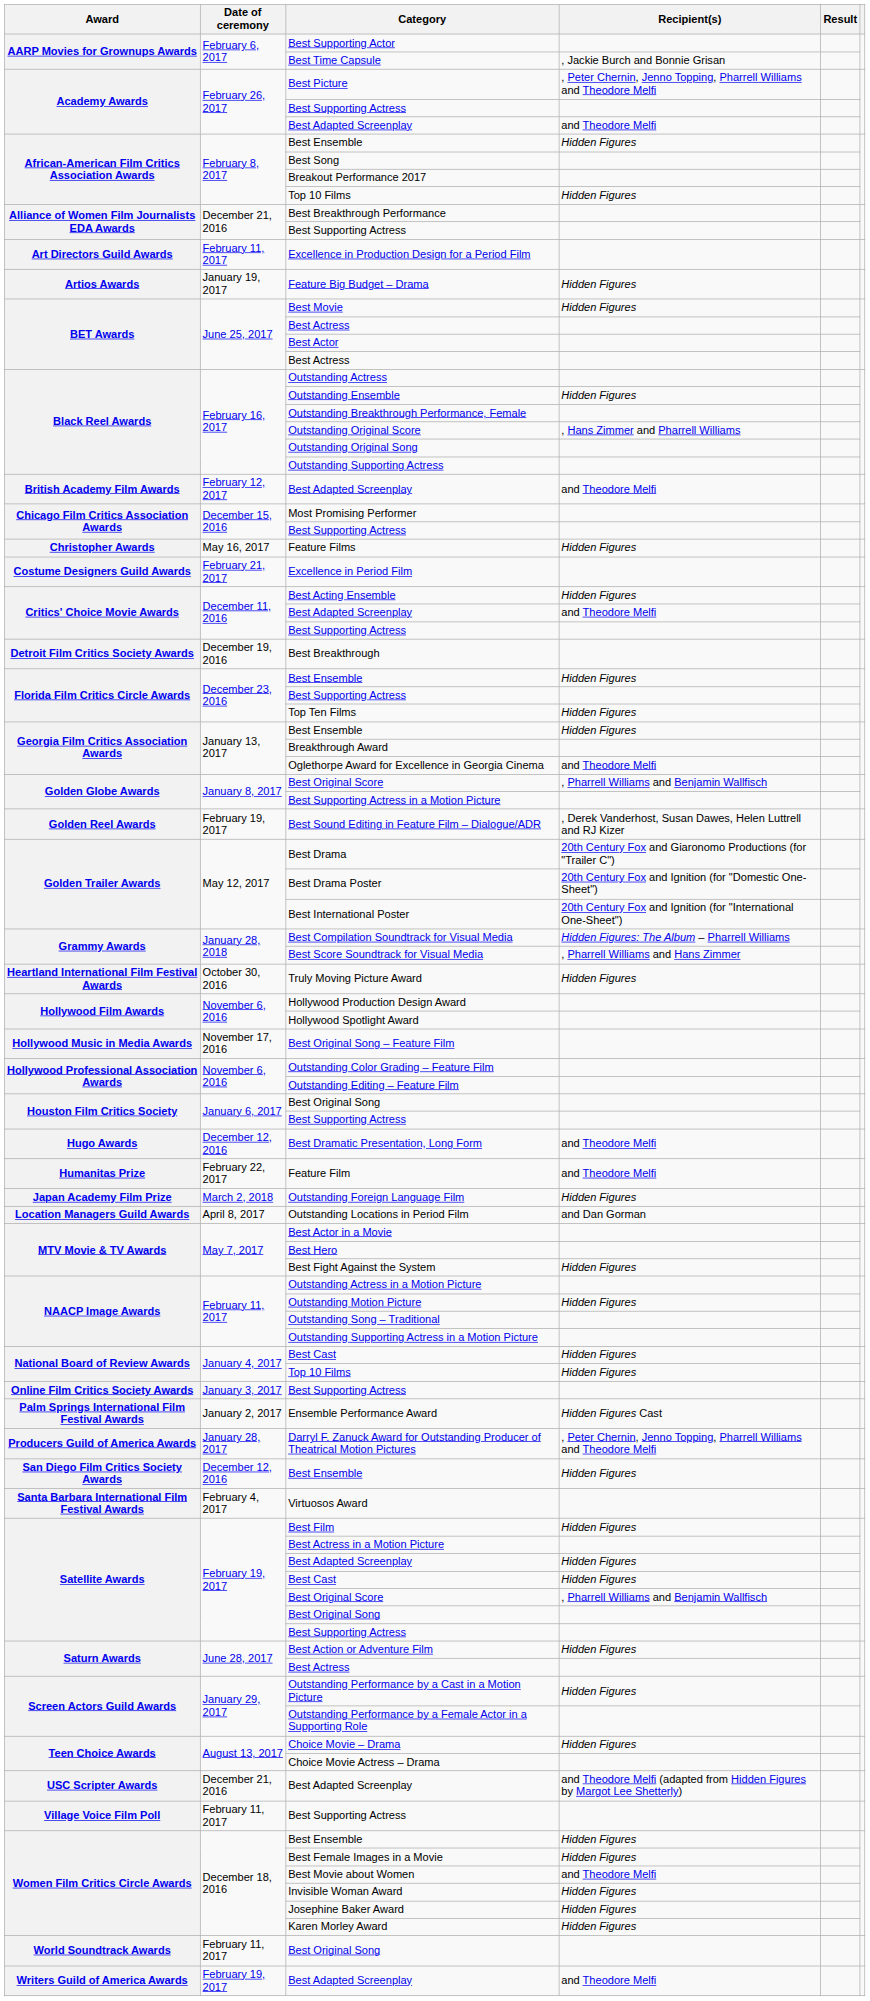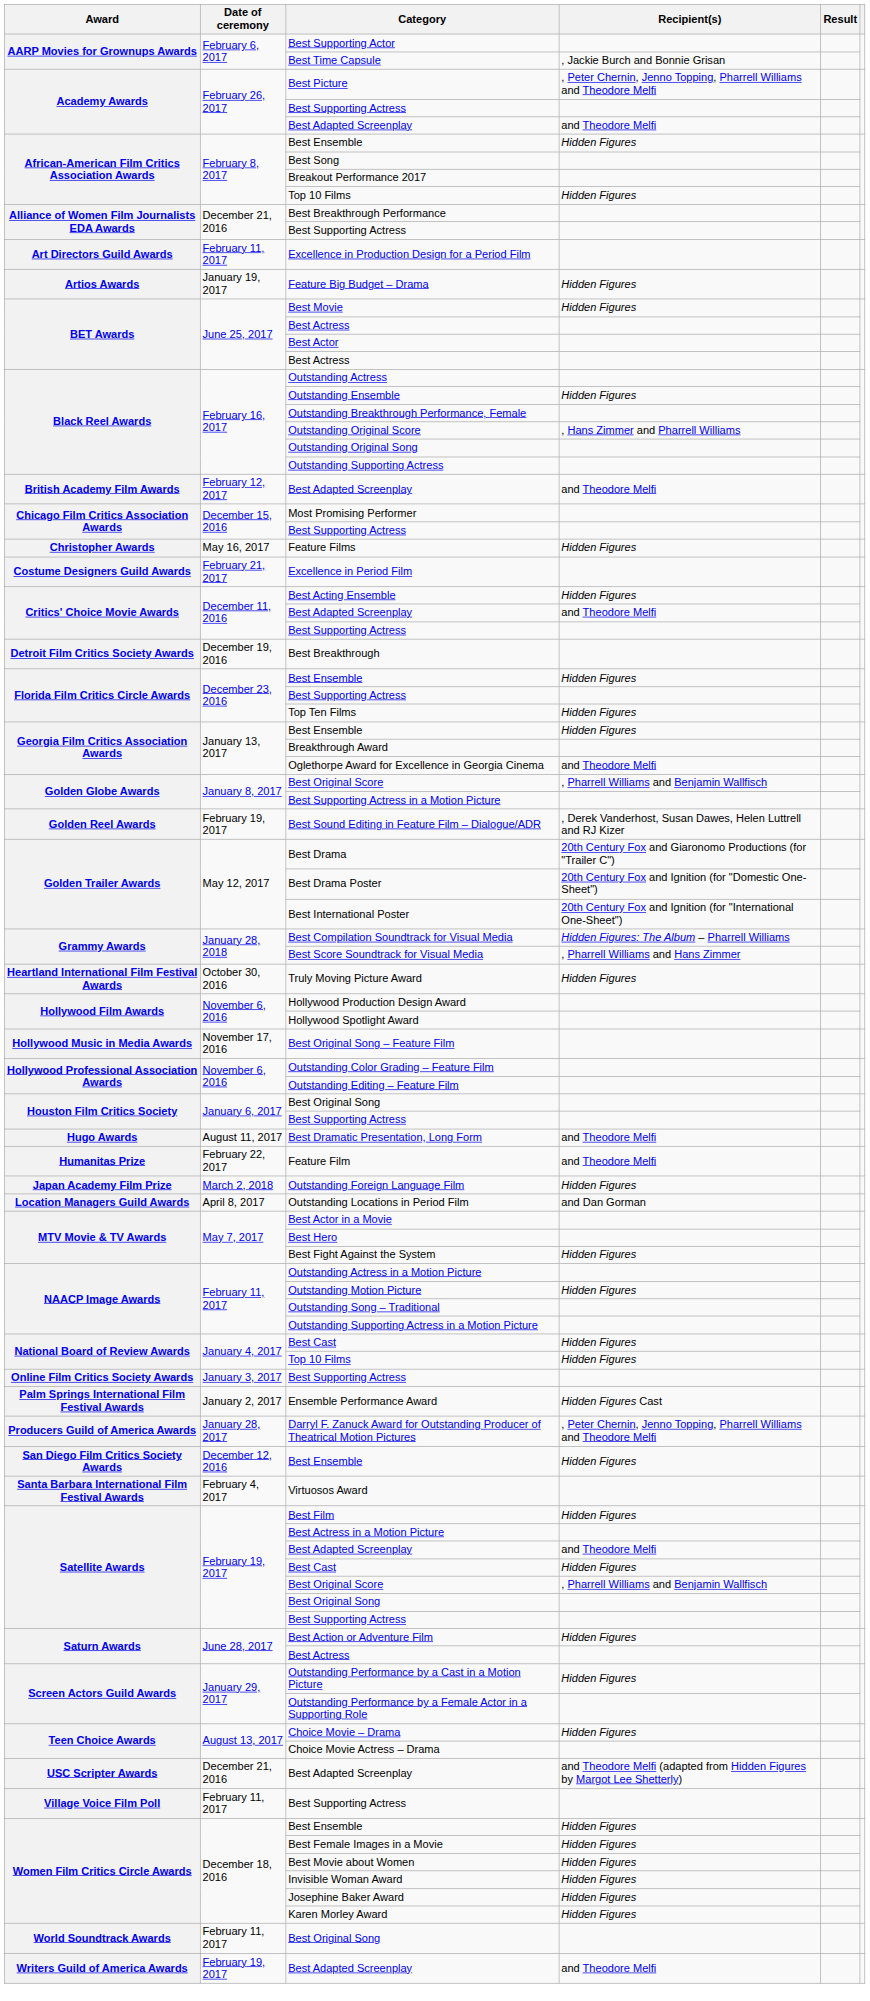 <table class="wikitable plainrowheaders sortable">
 <tr>
 <th scope="col">Award</th>
 <th scope="col">Date of ceremony</th>
 <th scope="col">Category</th>
 <th scope="col">Recipient(s)</th>
 <th scope="col">Result</th>
 <th scope="col" class="unsortable"></th>
 </tr>
 <tr>
 <th scope="rowgroup" rowspan="2"><a href='#'>AARP Movies for Grownups Awards</a></th>
 <td rowspan="2"><a href='#'>February 6, 2017</a></td>
 <td><a href='#'>Best Supporting Actor</a></td>
 <td></td>
 <td></td>
 <td style="text-align:center;" rowspan="2"></td>
 </tr>
 <tr>
 <td><a href='#'>Best Time Capsule</a></td>
 <td>, Jackie Burch and Bonnie Grisan</td>
 <td></td>
 </tr>
 <tr>
 <th scope="rowgroup" rowspan="3"><a href='#'>Academy Awards</a></th>
 <td rowspan="3"><a href='#'>February 26, 2017</a></td>
 <td><a href='#'>Best Picture</a></td>
 <td>, <a href='#'>Peter Chernin</a>, <a href='#'>Jenno Topping</a>, <a href='#'>Pharrell Williams</a> and <a href='#'>Theodore Melfi</a></td>
 <td></td>
 <td style="text-align:center;" rowspan="3"></td>
 </tr>
 <tr>
 <td><a href='#'>Best Supporting Actress</a></td>
 <td></td>
 <td></td>
 </tr>
 <tr>
 <td><a href='#'>Best Adapted Screenplay</a></td>
 <td> and <a href='#'>Theodore Melfi</a></td>
 <td></td>
 </tr>
 <tr>
 <th scope="rowgroup" rowspan="4"><a href='#'>African-American Film Critics Association Awards</a></th>
 <td rowspan="4"><a href='#'>February 8, 2017</a></td>
 <td>Best Ensemble</td>
 <td><em>Hidden Figures</em></td>
 <td></td>
 <td style="text-align:center;" rowspan="4"></td>
 </tr>
 <tr>
 <td>Best Song</td>
 <td></td>
 <td></td>
 </tr>
 <tr>
 <td>Breakout Performance 2017</td>
 <td></td>
 <td></td>
 </tr>
 <tr>
 <td>Top 10 Films</td>
 <td><em>Hidden Figures</em></td>
 <td></td>
 </tr>
 <tr>
 <th scope="rowgroup" rowspan="2"><a href='#'>Alliance of Women Film Journalists EDA Awards</a></th>
 <td rowspan="2">December 21, 2016</td>
 <td>Best Breakthrough Performance</td>
 <td></td>
 <td></td>
 <td style="text-align:center;" rowspan="2"></td>
 </tr>
 <tr>
 <td>Best Supporting Actress</td>
 <td></td>
 <td></td>
 </tr>
 <tr>
 <th scope="row"><a href='#'>Art Directors Guild Awards</a></th>
 <td><a href='#'>February 11, 2017</a></td>
 <td><a href='#'>Excellence in Production Design for a Period Film</a></td>
 <td></td>
 <td></td>
 <td style="text-align:center;"></td>
 </tr>
 <tr>
 <th scope="row"><a href='#'>Artios Awards</a></th>
 <td>January 19, 2017</td>
 <td><a href='#'>Feature Big Budget – Drama</a></td>
 <td><em>Hidden Figures</em></td>
 <td></td>
 <td style="text-align:center;"></td>
 </tr>
 <tr>
 <th scope="rowgroup" rowspan=4><a href='#'>BET Awards</a></th>
 <td rowspan=4><a href='#'>June 25, 2017</a></td>
 <td><a href='#'>Best Movie</a></td>
 <td><em>Hidden Figures</em></td>
 <td></td>
 <td style="text-align:center;" rowspan=4></td>
 </tr>
 <tr>
 <td><a href='#'>Best Actress</a></td>
 <td></td>
 <td></td>
 </tr>
 <tr>
 <td><a href='#'>Best Actor</a></td>
 <td></td>
 <td></td>
 </tr>
 <tr>
 <td>Best Actress</td>
 <td></td>
 <td></td>
 </tr>
 <tr>
 <th scope="rowgroup" rowspan="6"><a href='#'>Black Reel Awards</a></th>
 <td rowspan="6"><a href='#'>February 16, 2017</a></td>
 <td><a href='#'>Outstanding Actress</a></td>
 <td></td>
 <td></td>
 <td style="text-align:center;" rowspan="6"></td>
 </tr>
 <tr>
 <td><a href='#'>Outstanding Ensemble</a></td>
 <td><em>Hidden Figures</em></td>
 <td></td>
 </tr>
 <tr>
 <td><a href='#'>Outstanding Breakthrough Performance, Female</a></td>
 <td></td>
 <td></td>
 </tr>
 <tr>
 <td><a href='#'>Outstanding Original Score</a></td>
 <td>, <a href='#'>Hans Zimmer</a> and <a href='#'>Pharrell Williams</a></td>
 <td></td>
 </tr>
 <tr>
 <td><a href='#'>Outstanding Original Song</a></td>
 <td></td>
 <td></td>
 </tr>
 <tr>
 <td><a href='#'>Outstanding Supporting Actress</a></td>
 <td></td>
 <td></td>
 </tr>
 <tr>
 <th scope="row"><a href='#'>British Academy Film Awards</a></th>
 <td><a href='#'>February 12, 2017</a></td>
 <td><a href='#'>Best Adapted Screenplay</a></td>
 <td> and <a href='#'>Theodore Melfi</a></td>
 <td></td>
 <td style="text-align:center;"></td>
 </tr>
 <tr>
 <th scope="rowgroup" rowspan="2"><a href='#'>Chicago Film Critics Association Awards</a></th>
 <td rowspan="2"><a href='#'>December 15, 2016</a></td>
 <td>Most Promising Performer</td>
 <td></td>
 <td></td>
 <td style="text-align:center;" rowspan="2"></td>
 </tr>
 <tr>
 <td><a href='#'>Best Supporting Actress</a></td>
 <td></td>
 <td></td>
 </tr>
 <tr>
 <th scope="row"><a href='#'>Christopher Awards</a></th>
 <td>May 16, 2017</td>
 <td>Feature Films</td>
 <td><em>Hidden Figures</em></td>
 <td></td>
 <td style="text-align:center;"></td>
 </tr>
 <tr>
 <th scope="row"><a href='#'>Costume Designers Guild Awards</a></th>
 <td><a href='#'>February 21, 2017</a></td>
 <td><a href='#'>Excellence in Period Film</a></td>
 <td></td>
 <td></td>
 <td style="text-align:center;"></td>
 </tr>
 <tr>
 <th scope="rowgroup" rowspan="3"><a href='#'>Critics' Choice Movie Awards</a></th>
 <td rowspan="3"><a href='#'>December 11, 2016</a></td>
 <td><a href='#'>Best Acting Ensemble</a></td>
 <td><em>Hidden Figures</em></td>
 <td></td>
 <td style="text-align:center;" rowspan="3"></td>
 </tr>
 <tr>
 <td><a href='#'>Best Adapted Screenplay</a></td>
 <td> and <a href='#'>Theodore Melfi</a></td>
 <td></td>
 </tr>
 <tr>
 <td><a href='#'>Best Supporting Actress</a></td>
 <td></td>
 <td></td>
 </tr>
 <tr>
 <th scope="row"><a href='#'>Detroit Film Critics Society Awards</a></th>
 <td>December 19, 2016</td>
 <td>Best Breakthrough</td>
 <td></td>
 <td></td>
 <td style="text-align:center;"></td>
 </tr>
 <tr>
 <th scope="rowgroup" rowspan="3"><a href='#'>Florida Film Critics Circle Awards</a></th>
 <td rowspan="3"><a href='#'>December 23, 2016</a></td>
 <td><a href='#'>Best Ensemble</a></td>
 <td><em>Hidden Figures</em></td>
 <td></td>
 <td style="text-align:center;" rowspan="3"><br></td>
 </tr>
 <tr>
 <td><a href='#'>Best Supporting Actress</a></td>
 <td></td>
 <td></td>
 </tr>
 <tr>
 <td>Top Ten Films</td>
 <td><em>Hidden Figures</em></td>
 <td></td>
 </tr>
 <tr>
 <th scope="rowgroup" rowspan="3"><a href='#'>Georgia Film Critics Association Awards</a></th>
 <td rowspan="3">January 13, 2017</td>
 <td>Best Ensemble</td>
 <td><em>Hidden Figures</em></td>
 <td></td>
 <td rowspan="3" style="text-align:center;"><br></td>
 </tr>
 <tr>
 <td>Breakthrough Award</td>
 <td></td>
 <td></td>
 </tr>
 <tr>
 <td>Oglethorpe Award for Excellence in Georgia Cinema</td>
 <td> and <a href='#'>Theodore Melfi</a></td>
 <td></td>
 </tr>
 <tr>
 <th scope="rowgroup" rowspan="2"><a href='#'>Golden Globe Awards</a></th>
 <td rowspan="2"><a href='#'>January 8, 2017</a></td>
 <td><a href='#'>Best Original Score</a></td>
 <td>, <a href='#'>Pharrell Williams</a> and <a href='#'>Benjamin Wallfisch</a></td>
 <td></td>
 <td style="text-align:center;" rowspan="2"></td>
 </tr>
 <tr>
 <td><a href='#'>Best Supporting Actress in a Motion Picture</a></td>
 <td></td>
 <td></td>
 </tr>
 <tr>
 <th scope="row"><a href='#'>Golden Reel Awards</a></th>
 <td>February 19, 2017</td>
 <td><a href='#'>Best Sound Editing in Feature Film – Dialogue/ADR</a></td>
 <td>, Derek Vanderhost, Susan Dawes, Helen Luttrell and RJ Kizer</td>
 <td></td>
 <td style="text-align:center;"></td>
 </tr>
 <tr>
 <th scope="rowgroup" rowspan="3"><a href='#'>Golden Trailer Awards</a></th>
 <td rowspan="3">May 12, 2017</td>
 <td>Best Drama</td>
 <td><a href='#'>20th Century Fox</a> and Giaronomo Productions (for "Trailer C")</td>
 <td></td>
 <td style="text-align:center;" rowspan="3"></td>
 </tr>
 <tr>
 <td>Best Drama Poster</td>
 <td><a href='#'>20th Century Fox</a> and Ignition (for "Domestic One-Sheet")</td>
 <td></td>
 </tr>
 <tr>
 <td>Best International Poster</td>
 <td><a href='#'>20th Century Fox</a> and Ignition (for "International One-Sheet")</td>
 <td></td>
 </tr>
 <tr>
 <th scope="rowgroup" rowspan="2"><a href='#'>Grammy Awards</a></th>
 <td rowspan="2"><a href='#'>January 28, 2018</a></td>
 <td><a href='#'>Best Compilation Soundtrack for Visual Media</a></td>
 <td><em><a href='#'>Hidden Figures: The Album</a></em> – <a href='#'>Pharrell Williams</a></td>
 <td></td>
 <td style="text-align:center;" rowspan="2"></td>
 </tr>
 <tr>
 <td><a href='#'>Best Score Soundtrack for Visual Media</a></td>
 <td>, <a href='#'>Pharrell Williams</a> and <a href='#'>Hans Zimmer</a></td>
 <td></td>
 </tr>
 <tr>
 <th scope="row"><a href='#'>Heartland International Film Festival Awards</a></th>
 <td>October 30, 2016</td>
 <td>Truly Moving Picture Award</td>
 <td><em>Hidden Figures</em></td>
 <td></td>
 <td style="text-align:center;"></td>
 </tr>
 <tr>
 <th scope="rowgroup" rowspan="2"><a href='#'>Hollywood Film Awards</a></th>
 <td rowspan="2"><a href='#'>November 6, 2016</a></td>
 <td>Hollywood Production Design Award</td>
 <td></td>
 <td></td>
 <td style="text-align:center;" rowspan="2"></td>
 </tr>
 <tr>
 <td>Hollywood Spotlight Award</td>
 <td></td>
 <td></td>
 </tr>
 <tr>
 <th scope="row"><a href='#'>Hollywood Music in Media Awards</a></th>
 <td>November 17, 2016</td>
 <td><a href='#'>Best Original Song – Feature Film</a></td>
 <td></td>
 <td></td>
 <td style="text-align:center;"></td>
 </tr>
 <tr>
 <th scope="rowgroup" rowspan="2"><a href='#'>Hollywood Professional Association Awards</a></th>
 <td rowspan="2"><a href='#'>November 6, 2016</a></td>
 <td><a href='#'>Outstanding Color Grading – Feature Film</a></td>
 <td></td>
 <td></td>
 <td style="text-align:center;" rowspan="2"></td>
 </tr>
 <tr>
 <td><a href='#'>Outstanding Editing – Feature Film</a></td>
 <td></td>
 <td></td>
 </tr>
 <tr>
 <th scope="rowgroup" rowspan="2"><a href='#'>Houston Film Critics Society</a></th>
 <td rowspan="2"><a href='#'>January 6, 2017</a></td>
 <td>Best Original Song</td>
 <td></td>
 <td></td>
 <td style="text-align:center;" rowspan="2"></td>
 </tr>
 <tr>
 <td><a href='#'>Best Supporting Actress</a></td>
 <td></td>
 <td></td>
 </tr>
 <tr>
 <th scope="row"><a href='#'>Hugo Awards</a></th>
-<td><a href='#'>December 12, 2016</a></td>
+<td>August 11, 2017</td>
 <td><a href='#'>Best Dramatic Presentation, Long Form</a></td>
 <td> and <a href='#'>Theodore Melfi</a></td>
 <td></td>
 <td style="text-align:center;"></td>
 </tr>
 <tr>
 <th scope="row"><a href='#'>Humanitas Prize</a></th>
 <td>February 22, 2017</td>
 <td>Feature Film</td>
 <td> and <a href='#'>Theodore Melfi</a></td>
 <td></td>
 <td style="text-align:center;"></td>
 </tr>
 <tr>
 <th scope="row"><a href='#'>Japan Academy Film Prize</a></th>
 <td><a href='#'>March 2, 2018</a></td>
 <td><a href='#'>Outstanding Foreign Language Film</a></td>
 <td><em>Hidden Figures</em></td>
 <td></td>
 <td style="text-align:center;"></td>
 </tr>
 <tr>
 <th scope="row"><a href='#'>Location Managers Guild Awards</a></th>
 <td>April 8, 2017</td>
 <td>Outstanding Locations in Period Film</td>
 <td> and Dan Gorman</td>
 <td></td>
 <td style="text-align:center;"></td>
 </tr>
 <tr>
 <th scope="rowgroup" rowspan="3"><a href='#'>MTV Movie & TV Awards</a></th>
 <td rowspan="3"><a href='#'>May 7, 2017</a></td>
 <td><a href='#'>Best Actor in a Movie</a></td>
 <td></td>
 <td></td>
 <td style="text-align:center;" rowspan="3"></td>
 </tr>
 <tr>
 <td><a href='#'>Best Hero</a></td>
 <td></td>
 <td></td>
 </tr>
 <tr>
 <td>Best Fight Against the System</td>
 <td><em>Hidden Figures</em></td>
 <td></td>
 </tr>
 <tr>
 <th scope="rowgroup" rowspan="4"><a href='#'>NAACP Image Awards</a></th>
 <td rowspan="4"><a href='#'>February 11, 2017</a></td>
 <td><a href='#'>Outstanding Actress in a Motion Picture</a></td>
 <td></td>
 <td></td>
 <td style="text-align:center;" rowspan="4"></td>
 </tr>
 <tr>
 <td><a href='#'>Outstanding Motion Picture</a></td>
 <td><em>Hidden Figures</em></td>
 <td></td>
 </tr>
 <tr>
 <td><a href='#'>Outstanding Song – Traditional</a></td>
 <td></td>
 <td></td>
 </tr>
 <tr>
 <td><a href='#'>Outstanding Supporting Actress in a Motion Picture</a></td>
 <td></td>
 <td></td>
 </tr>
 <tr>
 <th scope="rowgroup" rowspan="2"><a href='#'>National Board of Review Awards</a></th>
 <td rowspan="2"><a href='#'>January 4, 2017</a></td>
 <td><a href='#'>Best Cast</a></td>
 <td><em>Hidden Figures</em></td>
 <td></td>
 <td style="text-align:center;" rowspan="2"></td>
 </tr>
 <tr>
 <td><a href='#'>Top 10 Films</a></td>
 <td><em>Hidden Figures</em></td>
 <td></td>
 </tr>
 <tr>
 <th scope="row"><a href='#'>Online Film Critics Society Awards</a></th>
 <td><a href='#'>January 3, 2017</a></td>
 <td><a href='#'>Best Supporting Actress</a></td>
 <td></td>
 <td></td>
 <td style="text-align:center;"></td>
 </tr>
 <tr>
 <th scope="row"><a href='#'>Palm Springs International Film Festival Awards</a></th>
 <td>January 2, 2017</td>
 <td>Ensemble Performance Award</td>
 <td><em>Hidden Figures</em> Cast</td>
 <td></td>
 <td style="text-align:center;"></td>
 </tr>
 <tr>
 <th scope="row"><a href='#'>Producers Guild of America Awards</a></th>
 <td><a href='#'>January 28, 2017</a></td>
 <td><a href='#'>Darryl F. Zanuck Award for Outstanding Producer of Theatrical Motion Pictures</a></td>
 <td>, <a href='#'>Peter Chernin</a>, <a href='#'>Jenno Topping</a>, <a href='#'>Pharrell Williams</a> and <a href='#'>Theodore Melfi</a></td>
 <td></td>
 <td style="text-align:center;"></td>
 </tr>
 <tr>
 <th scope="row"><a href='#'>San Diego Film Critics Society Awards</a></th>
 <td><a href='#'>December 12, 2016</a></td>
 <td><a href='#'>Best Ensemble</a></td>
 <td><em>Hidden Figures</em></td>
 <td></td>
 <td style="text-align:center;"></td>
 </tr>
 <tr>
 <th scope="row"><a href='#'>Santa Barbara International Film Festival Awards</a></th>
 <td>February 4, 2017</td>
 <td>Virtuosos Award</td>
 <td></td>
 <td></td>
 <td style="text-align:center;"></td>
 </tr>
 <tr>
 <th scope="rowgroup" rowspan="7"><a href='#'>Satellite Awards</a></th>
 <td rowspan="7"><a href='#'>February 19, 2017</a></td>
 <td><a href='#'>Best Film</a></td>
 <td><em>Hidden Figures</em></td>
 <td></td>
 <td style="text-align:center;" rowspan="7"><br></td>
 </tr>
 <tr>
 <td><a href='#'>Best Actress in a Motion Picture</a></td>
 <td></td>
 <td></td>
 </tr>
 <tr>
 <td><a href='#'>Best Adapted Screenplay</a></td>
-<td><em>Hidden Figures</em></td>
+<td> and <a href='#'>Theodore Melfi</a></td>
 <td></td>
 </tr>
 <tr>
 <td><a href='#'>Best Cast</a></td>
 <td><em>Hidden Figures</em></td>
 <td></td>
 </tr>
 <tr>
 <td><a href='#'>Best Original Score</a></td>
 <td>, <a href='#'>Pharrell Williams</a> and <a href='#'>Benjamin Wallfisch</a></td>
 <td></td>
 </tr>
 <tr>
 <td><a href='#'>Best Original Song</a></td>
 <td></td>
 <td></td>
 </tr>
 <tr>
 <td><a href='#'>Best Supporting Actress</a></td>
 <td></td>
 <td></td>
 </tr>
 <tr>
 <th scope="rowgroup" rowspan="2"><a href='#'>Saturn Awards</a></th>
 <td rowspan="2"><a href='#'>June 28, 2017</a></td>
 <td><a href='#'>Best Action or Adventure Film</a></td>
 <td><em>Hidden Figures</em></td>
 <td></td>
 <td style="text-align:center;" rowspan="2"><br></td>
 </tr>
 <tr>
 <td><a href='#'>Best Actress</a></td>
 <td></td>
 <td></td>
 </tr>
 <tr>
 <th scope="rowgroup" rowspan="2"><a href='#'>Screen Actors Guild Awards</a></th>
 <td rowspan="2"><a href='#'>January 29, 2017</a></td>
 <td><a href='#'>Outstanding Performance by a Cast in a Motion Picture</a></td>
 <td><em>Hidden Figures</em></td>
 <td></td>
 <td style="text-align:center;" rowspan="2"></td>
 </tr>
 <tr>
 <td><a href='#'>Outstanding Performance by a Female Actor in a Supporting Role</a></td>
 <td></td>
 <td></td>
 </tr>
 <tr>
 <th scope="rowgroup" rowspan="2"><a href='#'>Teen Choice Awards</a></th>
 <td rowspan="2"><a href='#'>August 13, 2017</a></td>
 <td><a href='#'>Choice Movie – Drama</a></td>
 <td><em>Hidden Figures</em></td>
 <td></td>
 <td style="text-align:center;" rowspan="2"></td>
 </tr>
 <tr>
 <td>Choice Movie Actress – Drama</td>
 <td></td>
 <td></td>
 </tr>
 <tr>
 <th scope="row"><a href='#'>USC Scripter Awards</a></th>
 <td>December 21, 2016</td>
 <td>Best Adapted Screenplay</td>
 <td> and <a href='#'>Theodore Melfi</a> (adapted from <a href='#'>Hidden Figures</a> by <a href='#'>Margot Lee Shetterly</a>)</td>
 <td></td>
 <td style="text-align:center;"></td>
 </tr>
 <tr>
 <th scope="row"><a href='#'>Village Voice Film Poll</a></th>
 <td>February 11, 2017</td>
 <td>Best Supporting Actress</td>
 <td></td>
 <td></td>
 <td style="text-align:center;"></td>
 </tr>
 <tr>
 <th scope="rowgroup" rowspan="6"><a href='#'>Women Film Critics Circle Awards</a></th>
 <td rowspan="6">December 18, 2016</td>
 <td>Best Ensemble</td>
 <td><em>Hidden Figures</em></td>
 <td></td>
 <td style="text-align:center;" rowspan="6"></td>
 </tr>
 <tr>
 <td>Best Female Images in a Movie</td>
 <td><em>Hidden Figures</em></td>
 <td></td>
 </tr>
 <tr>
 <td>Best Movie about Women</td>
-<td> and <a href='#'>Theodore Melfi</a></td>
+<td><em>Hidden Figures</em></td>
 <td></td>
 </tr>
 <tr>
 <td>Invisible Woman Award</td>
 <td><em>Hidden Figures</em></td>
 <td></td>
 </tr>
 <tr>
 <td>Josephine Baker Award</td>
 <td><em>Hidden Figures</em></td>
 <td></td>
 </tr>
 <tr>
 <td>Karen Morley Award</td>
 <td><em>Hidden Figures</em></td>
 <td></td>
 </tr>
 <tr>
 <th scope="row"><a href='#'>World Soundtrack Awards</a></th>
 <td>February 11, 2017</td>
 <td><a href='#'>Best Original Song</a></td>
 <td></td>
 <td></td>
 <td style="text-align:center;"></td>
 </tr>
 <tr>
 <th scope="row"><a href='#'>Writers Guild of America Awards</a></th>
 <td><a href='#'>February 19, 2017</a></td>
 <td><a href='#'>Best Adapted Screenplay</a></td>
 <td> and <a href='#'>Theodore Melfi</a></td>
 <td></td>
 <td style="text-align:center;"></td>
 </tr>
 </table>
